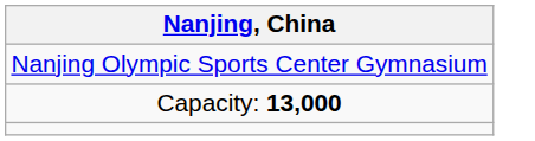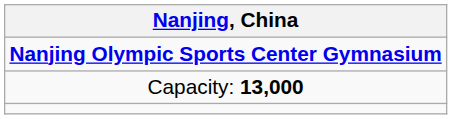 <table class="wikitable" style="text-align:center">
 <tr>
 <th><a href='#'>Nanjing</a>, China</th>
 </tr>
 <tr>
-<td><a href='#'>Nanjing Olympic Sports Center Gymnasium</a></td>
+<td><strong><a href='#'>Nanjing Olympic Sports Center Gymnasium</a></strong></td>
 </tr>
 <tr>
 <td>Capacity: <strong>13,000</strong></td>
 </tr>
 <tr>
 <td></td>
 </tr>
 </table>
